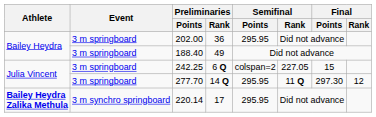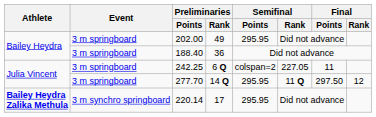 <table class="wikitable" style="text-align:center; font-size:90%;">
 <tr>
 <th rowspan=2>Athlete</th>
 <th rowspan=2>Event</th>
 <th colspan=2>Preliminaries</th>
 <th colspan=2>Semifinal</th>
 <th colspan=2>Final</th>
 </tr>
 <tr style="font-size:95%">
 <th>Points</th>
 <th>Rank</th>
 <th>Points</th>
 <th>Rank</th>
 <th>Points</th>
 <th>Rank</th>
 </tr>
 <tr>
 <td align=left rowspan=2><a href='#'>Bailey Heydra</a></td>
 <td align=left><a href='#'>3 m springboard</a></td>
 <td>202.00</td>
-<td>36</td>
+<td>49</td>
 <td>295.95</td>
 <td colspan=2>Did not advance</td>
 </tr>
 <tr>
 <td align=left><a href='#'>3 m springboard</a></td>
 <td>188.40</td>
-<td>49</td>
+<td>36</td>
 <td colspan=4>Did not advance</td>
 </tr>
 <tr>
 <td align=left rowspan=2><a href='#'>Julia Vincent</a></td>
 <td align=left><a href='#'>3 m springboard</a></td>
 <td>242.25</td>
 <td>6 <strong>Q</strong></td>
 <td>colspan=2 </td>
 <td>227.05</td>
-<td>15</td>
+<td>11</td>
 </tr>
 <tr>
 <td align=left><a href='#'>3 m springboard</a></td>
 <td>277.70</td>
 <td>14 <strong>Q</strong></td>
 <td>295.95</td>
 <td>11 <strong>Q</strong></td>
-<td>297.30</td>
+<td>297.50</td>
 <td>12</td>
 </tr>
 <tr>
 <td align=left><strong><a href='#'>Bailey Heydra</a><br> <a href='#'>Zalika Methula</a></strong></td>
 <td align=left><a href='#'>3 m synchro springboard</a></td>
 <td>220.14</td>
 <td>17</td>
 <td>295.95</td>
 <td colspan=2>Did not advance</td>
 </tr>
 </table>
